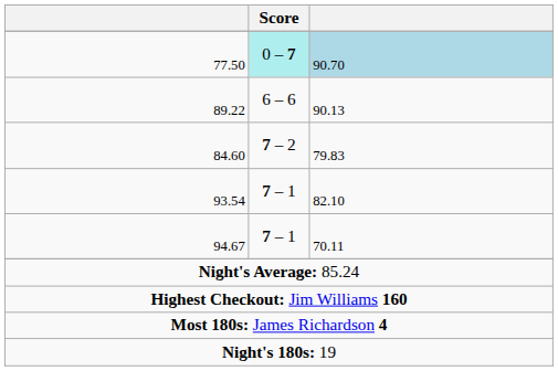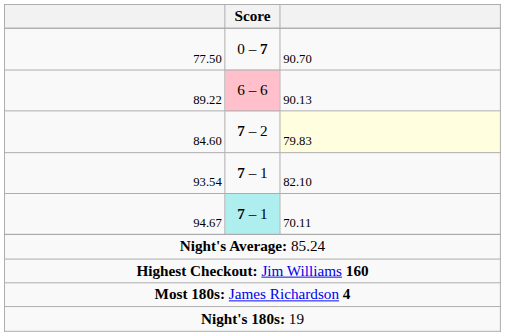 <table class="wikitable" style="text-align:center">
 <tr>
 <th width="225"></th>
 <th width="50">Score</th>
 <th width="225"></th>
 </tr>
 <tr align="center">
 </tr>
 <tr align="left">
 <td align="right"> <br> <small><span>77.50</span></small></td>
-<td align="center" style="background: paleturquoise;">0 – <strong>7</strong></td>
-<td style="background: lightblue;"> <br> <small><span>90.70</span></small></td>
+<td align="center">0 – <strong>7</strong></td>
+<td> <br> <small><span>90.70</span></small></td>
 </tr>
 <tr align="left">
 <td align="right"> <br> <small><span>89.22</span></small></td>
-<td align="center">6 – 6</td>
+<td align="center" style="background: pink;">6 – 6</td>
 <td> <br> <small><span>90.13</span></small></td>
 </tr>
 <tr align="left">
 <td align="right"> <br> <small><span>84.60</span></small></td>
 <td align="center"><strong>7</strong> – 2</td>
-<td> <br> <small><span>79.83</span></small></td>
+<td style="background: lightyellow;"> <br> <small><span>79.83</span></small></td>
 </tr>
 <tr align="left">
 <td align="right"> <br> <small><span>93.54</span></small></td>
 <td align="center"><strong>7</strong> – 1</td>
 <td> <br> <small><span>82.10</span></small></td>
 </tr>
 <tr align="left">
 <td align="right"> <br> <small><span>94.67</span></small></td>
-<td align="center"><strong>7</strong> – 1</td>
+<td align="center" style="background: paleturquoise;"><strong>7</strong> – 1</td>
 <td> <br> <small><span>70.11</span></small></td>
 </tr>
 <tr align="center">
 </tr>
 <tr align="center">
 <td colspan="3"><strong>Night's Average:</strong> 85.24</td>
 </tr>
 <tr align="center">
 <td colspan="3"><strong>Highest Checkout:</strong>  <a href='#'>Jim Williams</a> <strong>160</strong></td>
 </tr>
 <tr align="center">
 <td colspan="3"><strong>Most 180s:</strong>  <a href='#'>James Richardson</a>  <strong>4</strong></td>
 </tr>
 <tr align="center">
 <td colspan="3"><strong>Night's 180s:</strong> 19</td>
 </tr>
 </table>
